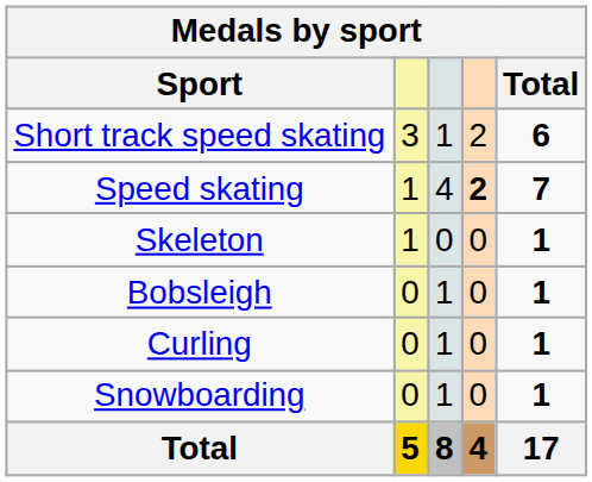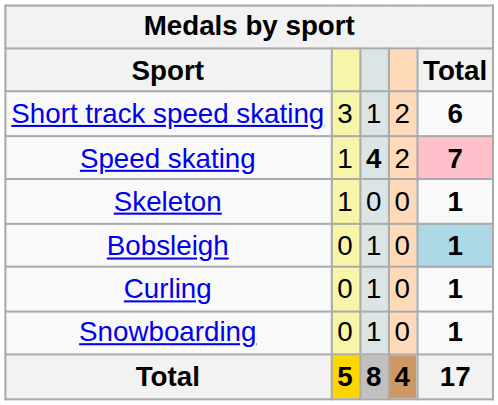 <table class="wikitable" style="font-size:85%; float:right; clear:right;">
 <tr style="background:#efefef;">
 <th colspan=5>Medals by sport</th>
 </tr>
 <tr align=center>
 <th>Sport</th>
 <td bgcolor=#f7f6a8></td>
 <td bgcolor=#dce5e5></td>
 <td bgcolor=#ffdab9></td>
 <th>Total</th>
 </tr>
 <tr align=center>
 <td><a href='#'>Short track speed skating</a></td>
 <td style="background:#F7F6A8;">3</td>
 <td style="background:#DCE5E5;">1</td>
 <td style="background:#FFDAB9;">2</td>
 <td><strong>6</strong></td>
 </tr>
 <tr align=center>
 <td><a href='#'>Speed skating</a></td>
 <td style="background:#F7F6A8;">1</td>
-<td style="background:#DCE5E5;">4</td>
-<td style="background:#FFDAB9;"><strong>2</strong></td>
-<td><strong>7</strong></td>
+<td style="background:#DCE5E5;"><strong>4</strong></td>
+<td style="background:#FFDAB9;">2</td>
+<td style="background: pink;"><strong>7</strong></td>
 </tr>
 <tr align=center>
 <td><a href='#'>Skeleton</a></td>
 <td style="background:#F7F6A8;">1</td>
 <td style="background:#DCE5E5;">0</td>
 <td style="background:#FFDAB9;">0</td>
 <td><strong>1</strong></td>
 </tr>
 <tr align=center>
 <td><a href='#'>Bobsleigh</a></td>
 <td style="background:#F7F6A8;">0</td>
 <td style="background:#DCE5E5;">1</td>
 <td style="background:#FFDAB9;">0</td>
-<td><strong>1</strong></td>
+<td style="background: lightblue;"><strong>1</strong></td>
 </tr>
 <tr align=center>
 <td><a href='#'>Curling</a></td>
 <td style="background:#F7F6A8;">0</td>
 <td style="background:#DCE5E5;">1</td>
 <td style="background:#FFDAB9;">0</td>
 <td><strong>1</strong></td>
 </tr>
 <tr align=center>
 <td><a href='#'>Snowboarding</a></td>
 <td style="background:#F7F6A8;">0</td>
 <td style="background:#DCE5E5;">1</td>
 <td style="background:#FFDAB9;">0</td>
 <td><strong>1</strong></td>
 </tr>
 <tr align=center>
 <th>Total</th>
 <th style="background:gold;">5</th>
 <th style="background:silver;">8</th>
 <th style="background:#c96;">4</th>
 <th>17</th>
 </tr>
 </table>
